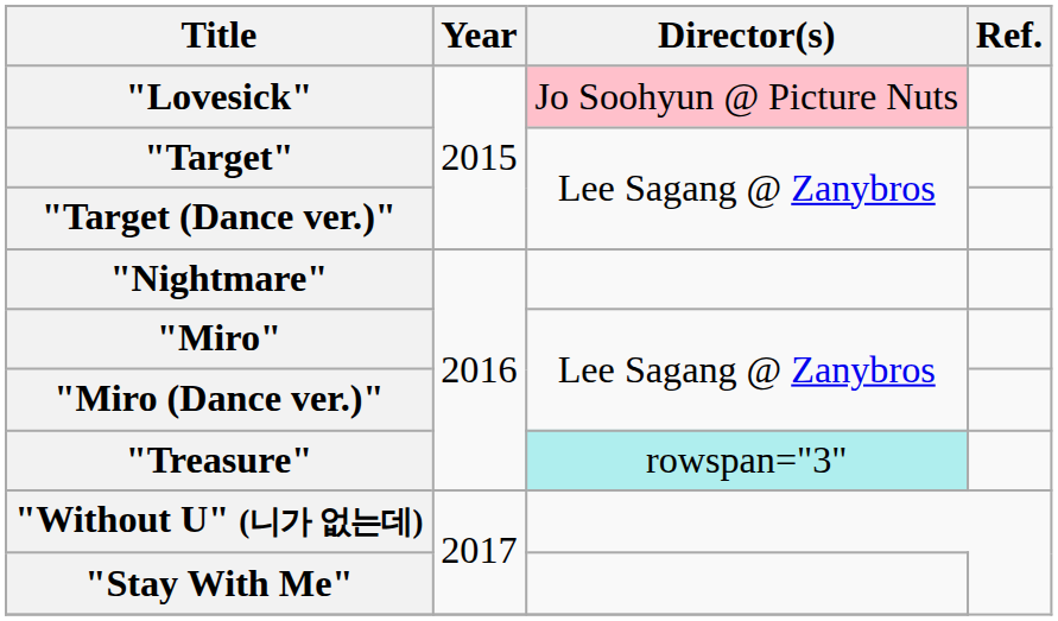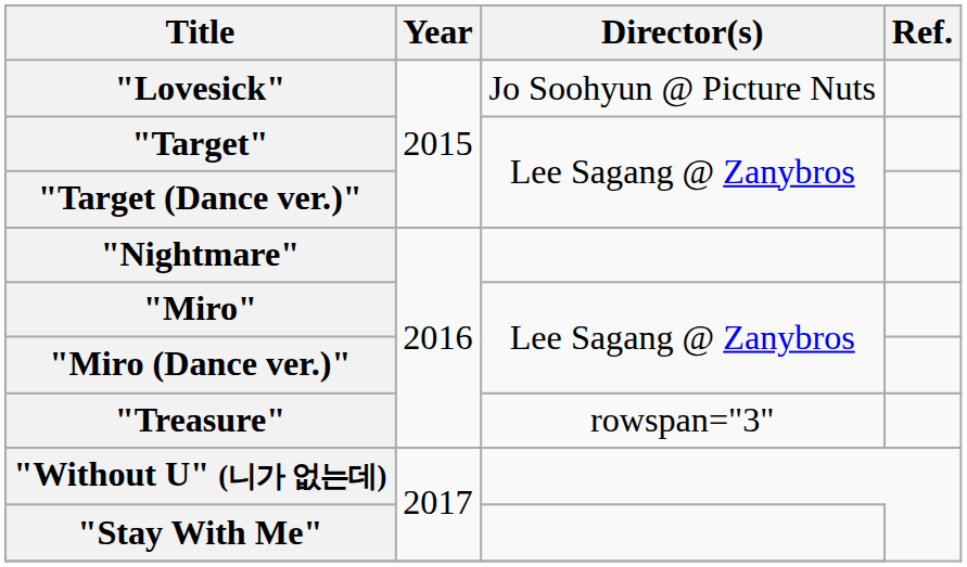 <table class="wikitable plainrowheaders" style="text-align:center">
 <tr>
 <th scope="col">Title</th>
 <th scope="col">Year</th>
 <th scope="col">Director(s)</th>
 <th scope="col">Ref.</th>
 </tr>
 <tr>
 <th scope="row">"Lovesick"</th>
 <td rowspan="3">2015</td>
-<td style="background: pink;">Jo Soohyun @ Picture Nuts</td>
+<td>Jo Soohyun @ Picture Nuts</td>
 <td></td>
 </tr>
 <tr>
 <th scope="row">"Target"</th>
 <td rowspan="2">Lee Sagang @ <a href='#'>Zanybros</a></td>
 <td></td>
 </tr>
 <tr>
 <th scope="row">"Target (Dance ver.)"</th>
 <td></td>
 </tr>
 <tr>
 <th scope="row">"Nightmare"</th>
 <td rowspan="4">2016</td>
 <td></td>
 <td></td>
 </tr>
 <tr>
 <th scope="row">"Miro"</th>
 <td rowspan="2">Lee Sagang @ <a href='#'>Zanybros</a></td>
 <td></td>
 </tr>
 <tr>
 <th scope="row">"Miro (Dance ver.)"</th>
 <td></td>
 </tr>
 <tr>
 <th scope="row">"Treasure"</th>
-<td style="background: paleturquoise;">rowspan="3" </td>
+<td>rowspan="3" </td>
 <td></td>
 </tr>
 <tr>
 <th scope="row">"Without U" <small>(니가 없는데)</small></th>
 <td rowspan="2">2017</td>
 </tr>
 <tr>
 <th scope="row">"Stay With Me"</th>
 <td></td>
 </tr>
 <tr>
 </tr>
 </table>
